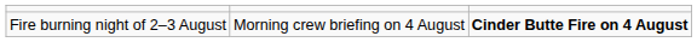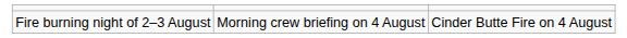 <table class="wikitable" border="1" style="margin: 1em auto 1em auto">
 <tr>
 <td> </td>
 <td> </td>
 <td> </td>
 </tr>
 <tr align=center>
 <td> Fire burning night of 2–3 August</td>
 <td> Morning crew briefing on 4 August</td>
-<td><strong> Cinder Butte Fire on 4 August</strong></td>
+<td> Cinder Butte Fire on 4 August</td>
 </tr>
 </table>
